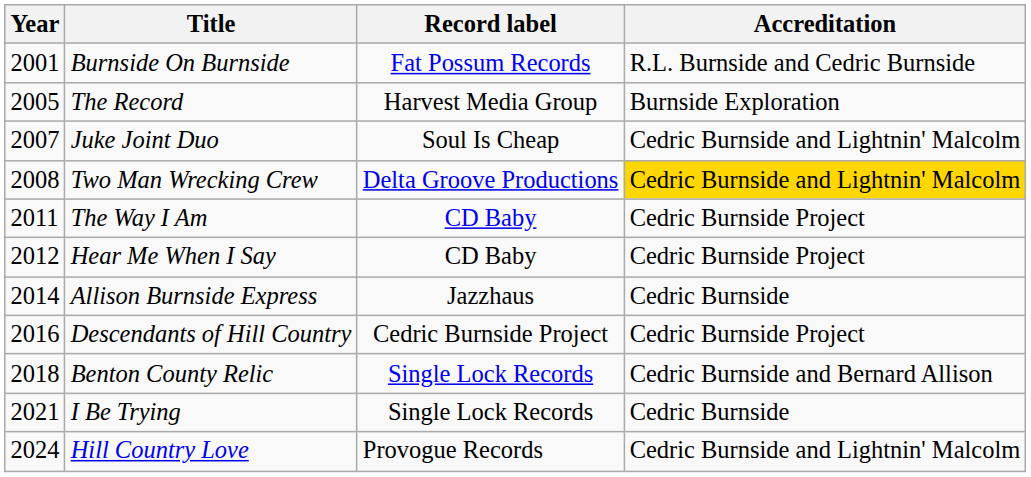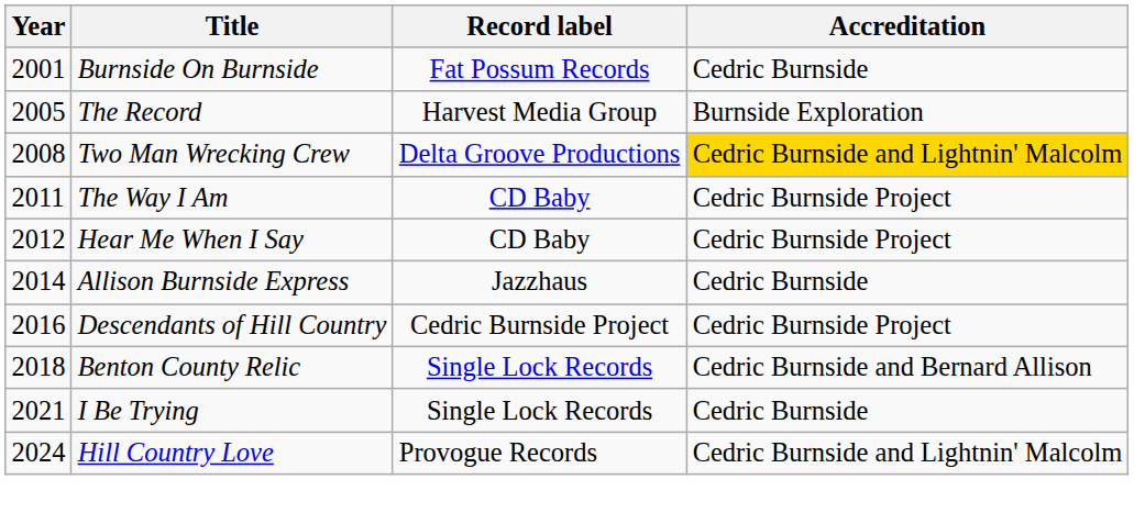 <table class="wikitable sortable">
 <tr>
 <th>Year</th>
 <th>Title</th>
 <th>Record label</th>
 <th>Accreditation</th>
 </tr>
 <tr>
 <td>2001</td>
 <td><em>Burnside On Burnside</em></td>
 <td style="text-align:center;"><a href='#'>Fat Possum Records</a></td>
-<td>R.L. Burnside and Cedric Burnside</td>
+<td>Cedric Burnside</td>
 </tr>
 <tr>
 <td>2005</td>
 <td><em>The Record</em></td>
 <td style="text-align:center;">Harvest Media Group</td>
 <td>Burnside Exploration</td>
-</tr>
-<tr>
-<td>2007</td>
-<td><em>Juke Joint Duo</em></td>
-<td style="text-align:center;">Soul Is Cheap</td>
-<td>Cedric Burnside and Lightnin' Malcolm</td>
 </tr>
 <tr>
 <td>2008</td>
 <td><em>Two Man Wrecking Crew</em></td>
 <td style="text-align:center;"><a href='#'>Delta Groove Productions</a></td>
 <td style="background: gold;">Cedric Burnside and Lightnin' Malcolm</td>
 </tr>
 <tr>
 <td>2011</td>
 <td><em>The Way I Am</em></td>
 <td style="text-align:center;"><a href='#'>CD Baby</a></td>
 <td>Cedric Burnside Project</td>
 </tr>
 <tr>
 <td>2012</td>
 <td><em>Hear Me When I Say</em></td>
 <td style="text-align:center;">CD Baby</td>
 <td>Cedric Burnside Project</td>
 </tr>
 <tr>
 <td>2014</td>
 <td><em>Allison Burnside Express</em></td>
 <td style="text-align:center;">Jazzhaus</td>
 <td>Cedric Burnside</td>
 </tr>
 <tr>
 <td>2016</td>
 <td><em>Descendants of Hill Country</em></td>
 <td style="text-align:center;">Cedric Burnside Project</td>
 <td>Cedric Burnside Project</td>
 </tr>
 <tr>
 <td>2018</td>
 <td><em>Benton County Relic</em></td>
 <td style="text-align:center;"><a href='#'>Single Lock Records</a></td>
 <td>Cedric Burnside and Bernard Allison</td>
 </tr>
 <tr>
 <td>2021</td>
 <td><em>I Be Trying</em></td>
 <td style="text-align:center;">Single Lock Records</td>
 <td>Cedric Burnside</td>
 </tr>
 <tr>
 <td>2024</td>
 <td><em><a href='#'>Hill Country Love</a></em></td>
 <td>Provogue Records</td>
 <td>Cedric Burnside and Lightnin' Malcolm</td>
 </tr>
 </table>
